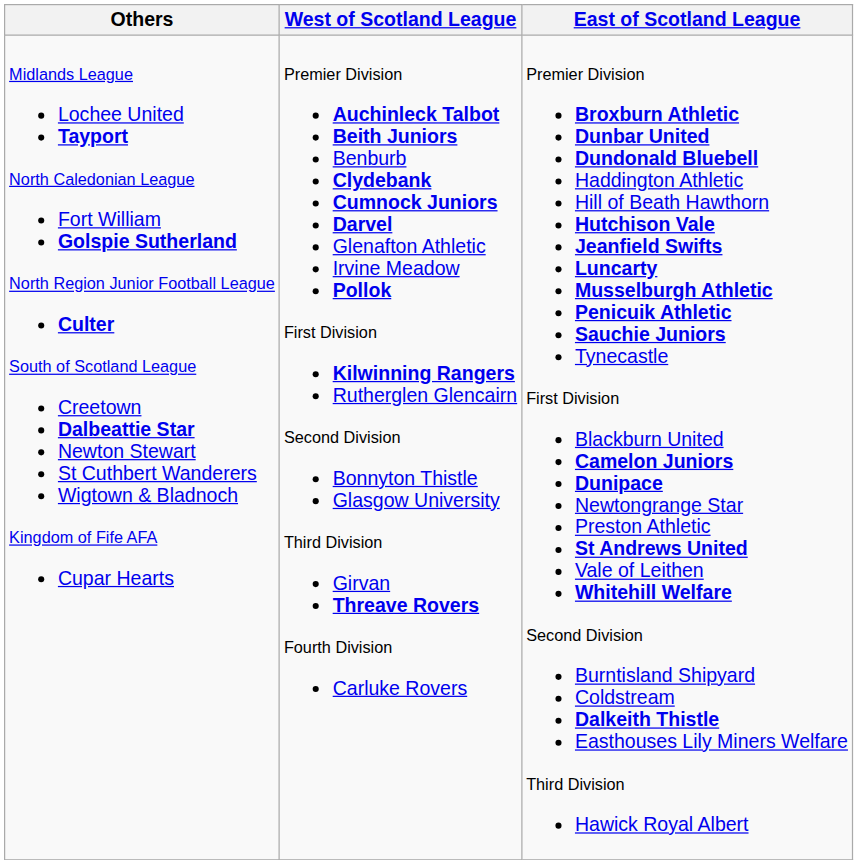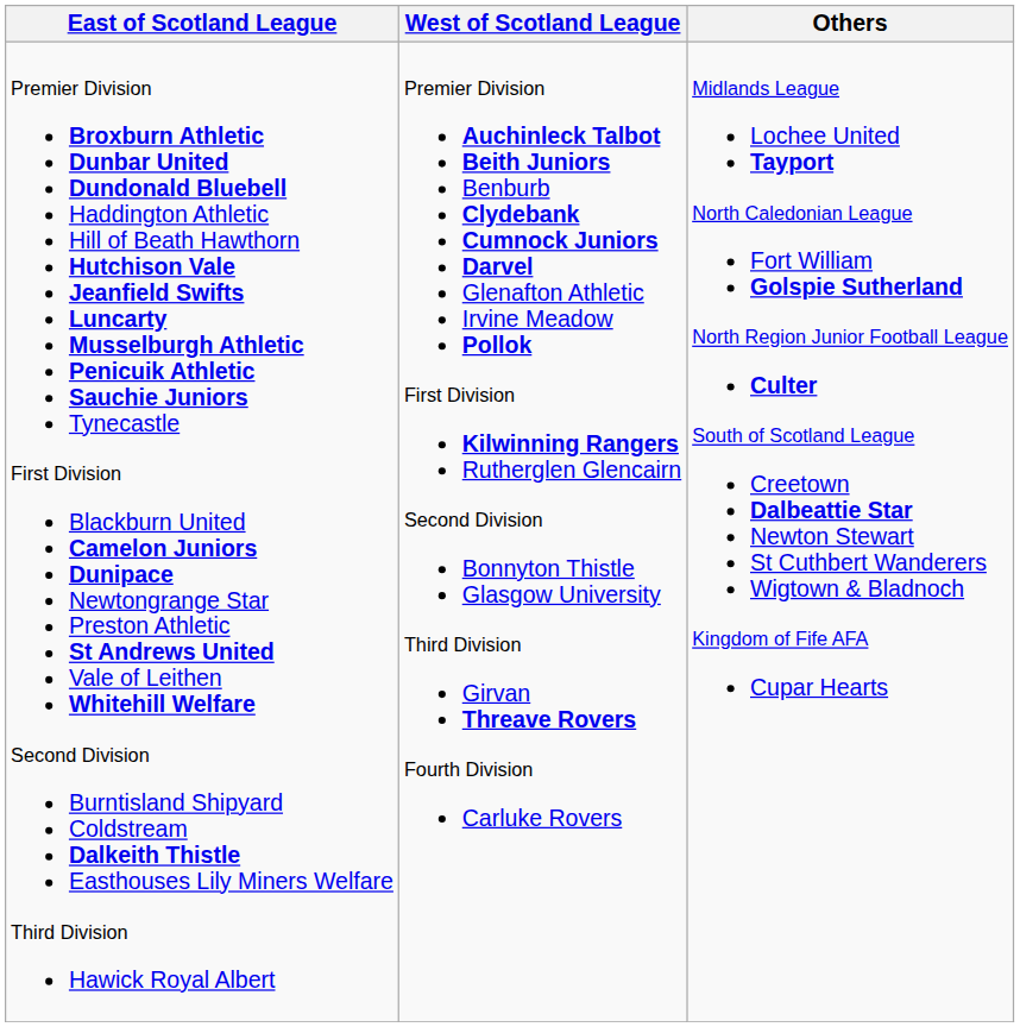 <table class="wikitable" style="text-align:left">
 <tr>
+<th><a href='#'>East of Scotland League</a></th>
+<th><a href='#'>West of Scotland League</a></th>
 <th>Others</th>
-<th><a href='#'>West of Scotland League</a></th>
-<th><a href='#'>East of Scotland League</a></th>
 </tr>
 <tr>
+<td valign=top><br><small>Premier Division</small><ul><li><strong><a href='#'>Broxburn Athletic</a></strong></li><li><strong><a href='#'>Dunbar United</a></strong></li><li><strong><a href='#'>Dundonald Bluebell</a></strong></li><li><a href='#'>Haddington Athletic</a></li><li><a href='#'>Hill of Beath Hawthorn</a></li><li><strong><a href='#'>Hutchison Vale</a></strong></li><li><strong><a href='#'>Jeanfield Swifts</a></strong></li><li><strong><a href='#'>Luncarty</a></strong></li><li><strong><a href='#'>Musselburgh Athletic</a></strong></li><li><strong><a href='#'>Penicuik Athletic</a></strong></li><li><strong><a href='#'>Sauchie Juniors</a></strong></li><li><a href='#'>Tynecastle</a></li></ul><small>First Division</small><ul><li><a href='#'>Blackburn United</a></li><li><strong><a href='#'>Camelon Juniors</a></strong></li><li><strong><a href='#'>Dunipace</a></strong></li><li><a href='#'>Newtongrange Star</a></li><li><a href='#'>Preston Athletic</a></li><li><strong><a href='#'>St Andrews United</a></strong></li><li><a href='#'>Vale of Leithen</a></li><li><strong><a href='#'>Whitehill Welfare</a></strong></li></ul><small>Second Division</small><ul><li><a href='#'>Burntisland Shipyard</a></li><li><a href='#'>Coldstream</a></li><li><strong><a href='#'>Dalkeith Thistle</a></strong></li><li><a href='#'>Easthouses Lily Miners Welfare</a></li></ul><small>Third Division</small><ul><li><a href='#'>Hawick Royal Albert</a></li></ul></td>
+<td valign=top><br><small>Premier Division</small><ul><li><strong><a href='#'>Auchinleck Talbot</a></strong></li><li><strong><a href='#'>Beith Juniors</a></strong></li><li><a href='#'>Benburb</a></li><li><strong><a href='#'>Clydebank</a></strong></li><li><strong><a href='#'>Cumnock Juniors</a></strong></li><li><strong><a href='#'>Darvel</a></strong></li><li><a href='#'>Glenafton Athletic</a></li><li><a href='#'>Irvine Meadow</a></li><li><strong><a href='#'>Pollok</a></strong></li></ul><small>First Division</small><ul><li><strong><a href='#'>Kilwinning Rangers</a></strong></li><li><a href='#'>Rutherglen Glencairn</a></li></ul><small>Second Division</small><ul><li><a href='#'>Bonnyton Thistle</a></li><li><a href='#'>Glasgow University</a></li></ul><small>Third Division</small><ul><li><a href='#'>Girvan</a></li><li><strong><a href='#'>Threave Rovers</a></strong></li></ul><small>Fourth Division</small><ul><li><a href='#'>Carluke Rovers</a></li></ul></td>
 <td valign=top><br><small><a href='#'>Midlands League</a></small><ul><li><a href='#'>Lochee United</a></li><li><strong><a href='#'>Tayport</a></strong></li></ul><small><a href='#'>North Caledonian League</a></small><ul><li><a href='#'>Fort William</a></li><li><strong><a href='#'>Golspie Sutherland</a></strong></li></ul><small><a href='#'>North Region Junior Football League</a></small><ul><li><strong><a href='#'>Culter</a></strong></li></ul><small><a href='#'>South of Scotland League</a></small><ul><li><a href='#'>Creetown</a></li><li><strong><a href='#'>Dalbeattie Star</a></strong></li><li><a href='#'>Newton Stewart</a></li><li><a href='#'>St Cuthbert Wanderers</a></li><li><a href='#'>Wigtown & Bladnoch</a></li></ul><small><a href='#'>Kingdom of Fife AFA</a></small><ul><li><a href='#'>Cupar Hearts</a></li></ul></td>
-<td valign=top><br><small>Premier Division</small><ul><li><strong><a href='#'>Auchinleck Talbot</a></strong></li><li><strong><a href='#'>Beith Juniors</a></strong></li><li><a href='#'>Benburb</a></li><li><strong><a href='#'>Clydebank</a></strong></li><li><strong><a href='#'>Cumnock Juniors</a></strong></li><li><strong><a href='#'>Darvel</a></strong></li><li><a href='#'>Glenafton Athletic</a></li><li><a href='#'>Irvine Meadow</a></li><li><strong><a href='#'>Pollok</a></strong></li></ul><small>First Division</small><ul><li><strong><a href='#'>Kilwinning Rangers</a></strong></li><li><a href='#'>Rutherglen Glencairn</a></li></ul><small>Second Division</small><ul><li><a href='#'>Bonnyton Thistle</a></li><li><a href='#'>Glasgow University</a></li></ul><small>Third Division</small><ul><li><a href='#'>Girvan</a></li><li><strong><a href='#'>Threave Rovers</a></strong></li></ul><small>Fourth Division</small><ul><li><a href='#'>Carluke Rovers</a></li></ul></td>
-<td valign=top><br><small>Premier Division</small><ul><li><strong><a href='#'>Broxburn Athletic</a></strong></li><li><strong><a href='#'>Dunbar United</a></strong></li><li><strong><a href='#'>Dundonald Bluebell</a></strong></li><li><a href='#'>Haddington Athletic</a></li><li><a href='#'>Hill of Beath Hawthorn</a></li><li><strong><a href='#'>Hutchison Vale</a></strong></li><li><strong><a href='#'>Jeanfield Swifts</a></strong></li><li><strong><a href='#'>Luncarty</a></strong></li><li><strong><a href='#'>Musselburgh Athletic</a></strong></li><li><strong><a href='#'>Penicuik Athletic</a></strong></li><li><strong><a href='#'>Sauchie Juniors</a></strong></li><li><a href='#'>Tynecastle</a></li></ul><small>First Division</small><ul><li><a href='#'>Blackburn United</a></li><li><strong><a href='#'>Camelon Juniors</a></strong></li><li><strong><a href='#'>Dunipace</a></strong></li><li><a href='#'>Newtongrange Star</a></li><li><a href='#'>Preston Athletic</a></li><li><strong><a href='#'>St Andrews United</a></strong></li><li><a href='#'>Vale of Leithen</a></li><li><strong><a href='#'>Whitehill Welfare</a></strong></li></ul><small>Second Division</small><ul><li><a href='#'>Burntisland Shipyard</a></li><li><a href='#'>Coldstream</a></li><li><strong><a href='#'>Dalkeith Thistle</a></strong></li><li><a href='#'>Easthouses Lily Miners Welfare</a></li></ul><small>Third Division</small><ul><li><a href='#'>Hawick Royal Albert</a></li></ul></td>
 </tr>
 </table>
